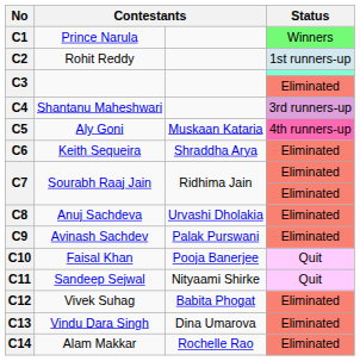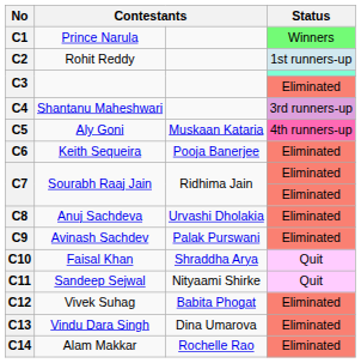 <table class="wikitable" style="text-align:center; line-height:20px; width:auto;">
 <tr>
 <th>No</th>
 <th colspan="2">Contestants</th>
 <th>Status</th>
 </tr>
 <tr>
 <th>C1</th>
 <td><a href='#'>Prince Narula</a></td>
 <td></td>
 <td style="background:#73FB76; text-align:center;">Winners</td>
 </tr>
 <tr>
 <th>C2</th>
 <td>Rohit Reddy</td>
 <td></td>
 <td style="background:#D1E8EF; text-align:center;">1st runners-up</td>
 </tr>
 <tr>
 <th rowspan="2">C3</th>
 <td rowspan="2"></td>
 <td rowspan="2"></td>
 <td style="background:#7FFFD4; text-align:center;"></td>
 </tr>
 <tr>
 <td style="background:salmon; text-align:center;">Eliminated</td>
 </tr>
 <tr>
 <th>C4</th>
 <td><a href='#'>Shantanu Maheshwari</a></td>
 <td></td>
 <td style="background:#DDA0DD; text-align:center;">3rd runners-up</td>
 </tr>
 <tr>
 <th>C5</th>
 <td><a href='#'>Aly Goni</a></td>
 <td><a href='#'>Muskaan Kataria</a></td>
 <td style="background:#FF69B4; text-align:center;">4th runners-up</td>
 </tr>
 <tr>
 <th>C6</th>
 <td><a href='#'>Keith Sequeira</a></td>
-<td><a href='#'>Shraddha Arya</a></td>
+<td><a href='#'>Pooja Banerjee</a></td>
 <td style="background:salmon; text-align:center;">Eliminated</td>
 </tr>
 <tr>
 <th rowspan="2">C7</th>
 <td rowspan="2"><a href='#'>Sourabh Raaj Jain</a></td>
 <td rowspan="2">Ridhima Jain</td>
 <td style="background:salmon; text-align:center;">Eliminated</td>
 </tr>
 <tr>
 <td style="background:salmon; text-align:center;">Eliminated</td>
 </tr>
 <tr>
 <th>C8</th>
 <td><a href='#'>Anuj Sachdeva</a></td>
 <td><a href='#'>Urvashi Dholakia</a></td>
 <td style="background:salmon; text-align:center;">Eliminated</td>
 </tr>
 <tr>
 <th>C9</th>
 <td><a href='#'>Avinash Sachdev</a></td>
 <td><a href='#'>Palak Purswani</a></td>
 <td style="background:salmon; text-align:center;">Eliminated</td>
 </tr>
 <tr>
 <th>C10</th>
 <td><a href='#'>Faisal Khan</a></td>
-<td><a href='#'>Pooja Banerjee</a></td>
+<td><a href='#'>Shraddha Arya</a></td>
 <td style="background:#fcf; text-align:center;">Quit</td>
 </tr>
 <tr>
 <th>C11</th>
 <td><a href='#'>Sandeep Sejwal</a></td>
 <td>Nityaami Shirke</td>
 <td style="background:#fcf; text-align:center;">Quit</td>
 </tr>
 <tr>
 <th>C12</th>
 <td>Vivek Suhag</td>
 <td><a href='#'>Babita Phogat</a></td>
 <td Bgcolor =salmon>Eliminated</td>
 </tr>
 <tr>
 <th>C13</th>
 <td><a href='#'>Vindu Dara Singh</a></td>
 <td>Dina Umarova</td>
 <td Bgcolor=salmon>Eliminated</td>
 </tr>
 <tr>
 <th>C14</th>
 <td>Alam Makkar</td>
 <td><a href='#'>Rochelle Rao</a></td>
 <td style="background:salmon;">Eliminated</td>
 </tr>
 </table>
